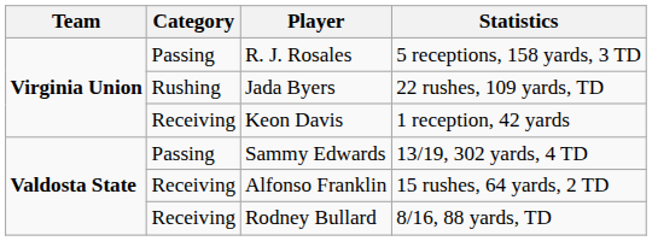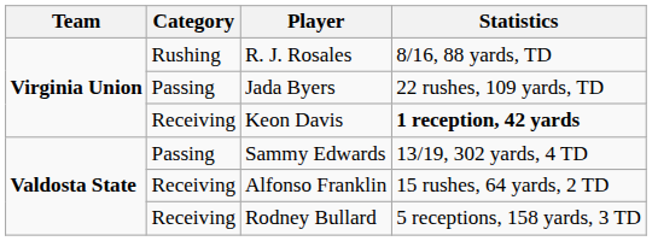 <table class="wikitable" style="float: left;">
 <tr>
 <th>Team</th>
 <th>Category</th>
 <th>Player</th>
 <th>Statistics</th>
 </tr>
 <tr>
 <td rowspan=3><strong>Virginia Union</strong></td>
-<td>Passing</td>
+<td>Rushing</td>
 <td>R. J. Rosales</td>
-<td>5 receptions, 158 yards, 3 TD</td>
+<td>8/16, 88 yards, TD</td>
 </tr>
 <tr>
-<td>Rushing</td>
+<td>Passing</td>
 <td>Jada Byers</td>
 <td>22 rushes, 109 yards, TD</td>
 </tr>
 <tr>
 <td>Receiving</td>
 <td>Keon Davis</td>
-<td>1 reception, 42 yards</td>
+<td><strong>1 reception, 42 yards</strong></td>
 </tr>
 <tr>
 <td rowspan=3><strong>Valdosta State</strong></td>
 <td>Passing</td>
 <td>Sammy Edwards</td>
 <td>13/19, 302 yards, 4 TD</td>
 </tr>
 <tr>
 <td>Receiving</td>
 <td>Alfonso Franklin</td>
 <td>15 rushes, 64 yards, 2 TD</td>
 </tr>
 <tr>
 <td>Receiving</td>
 <td>Rodney Bullard</td>
-<td>8/16, 88 yards, TD</td>
+<td>5 receptions, 158 yards, 3 TD</td>
 </tr>
 </table>
